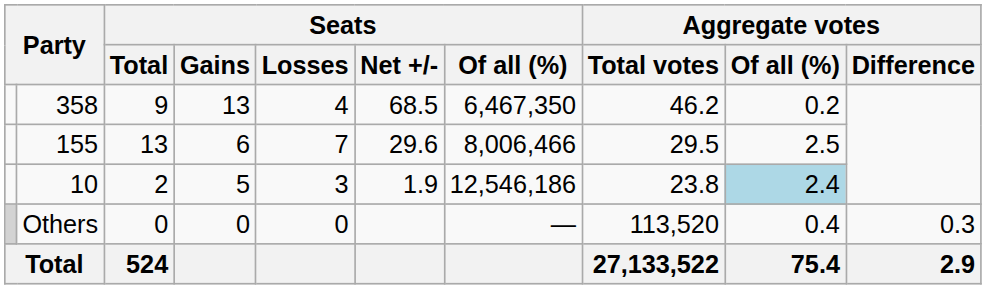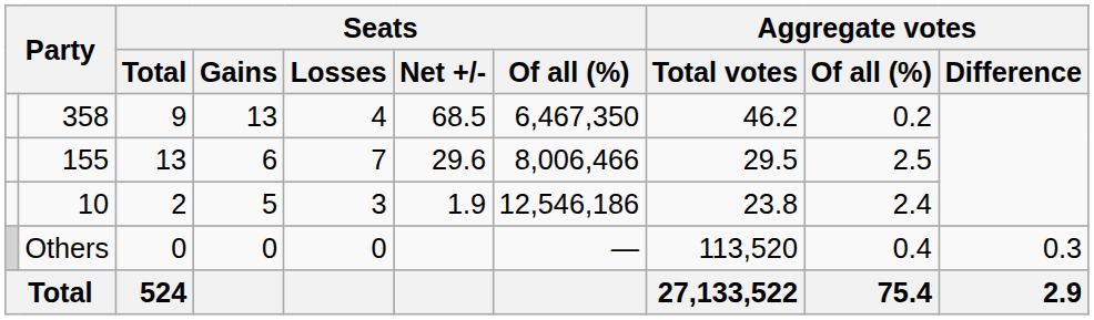 <table class="wikitable sortable" style="text-align:right; font-size:95%;">
 <tr>
 <th colspan="2" rowspan="2">Party</th>
 <th colspan="5">Seats</th>
 <th colspan="3">Aggregate votes</th>
 </tr>
 <tr>
 <th>Total</th>
 <th>Gains</th>
 <th>Losses</th>
 <th>Net +/-</th>
 <th>Of all (%)</th>
 <th>Total votes</th>
 <th>Of all (%)</th>
 <th>Difference</th>
 </tr>
 <tr>
 <td></td>
 <td align=“right”>358</td>
 <td align=“right”>9</td>
 <td align=“right”>13</td>
 <td align=“right”>4</td>
 <td align=“right”>68.5</td>
 <td align=“right”>6,467,350</td>
 <td align=“right”>46.2</td>
 <td align=“right”>0.2</td>
 </tr>
 <tr>
 <td></td>
 <td align=“right”>155</td>
 <td align=“right”>13</td>
 <td align=“right”>6</td>
 <td align=“right”>7</td>
 <td align=“right”>29.6</td>
 <td align=“right”>8,006,466</td>
 <td align=“right”>29.5</td>
 <td align=“right”>2.5</td>
 </tr>
 <tr>
 <td></td>
 <td align=“right”>10</td>
 <td align=“right”>2</td>
 <td align=“right”>5</td>
 <td align=“right”>3</td>
 <td align=“right”>1.9</td>
 <td align=“right”>12,546,186</td>
 <td align=“right”>23.8</td>
-<td align=“right” style="background: lightblue;">2.4</td>
+<td align=“right”>2.4</td>
 </tr>
 <tr>
 <td bgcolor="lightgrey"></td>
 <td align=left>Others</td>
 <td align=“right”>0</td>
 <td align=“right”>0</td>
 <td align=“right”>0</td>
 <td align="right"></td>
 <td align=“right”>—</td>
 <td align=“right”>113,520</td>
 <td align=“right”>0.4</td>
 <td align=“right”>0.3</td>
 </tr>
 <tr class="sortbottom">
 <th colspan="2" style="background:#f2f2f2"><strong>Total</strong></th>
 <td style="background:#f2f2f2;"><strong>524</strong></td>
 <td style="background:#f2f2f2;"></td>
 <td style="background:#f2f2f2;"></td>
 <td style="background:#f2f2f2;"></td>
 <td style="background:#f2f2f2;"></td>
 <td style="background:#f2f2f2;"><strong>27,133,522</strong></td>
 <td style="background:#f2f2f2;"><strong>75.4</strong></td>
 <td style="background:#f2f2f2;"><strong>2.9</strong></td>
 </tr>
 </table>
